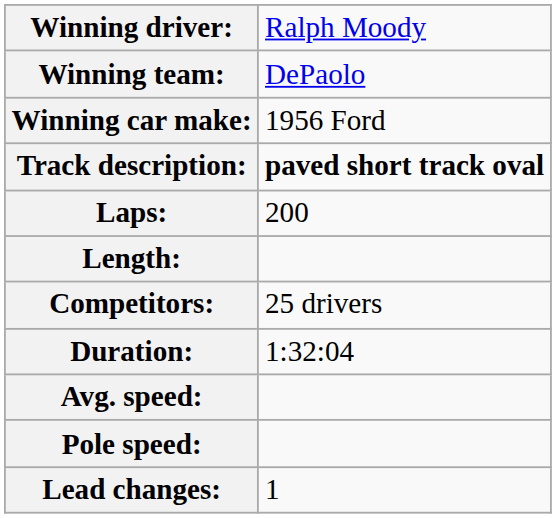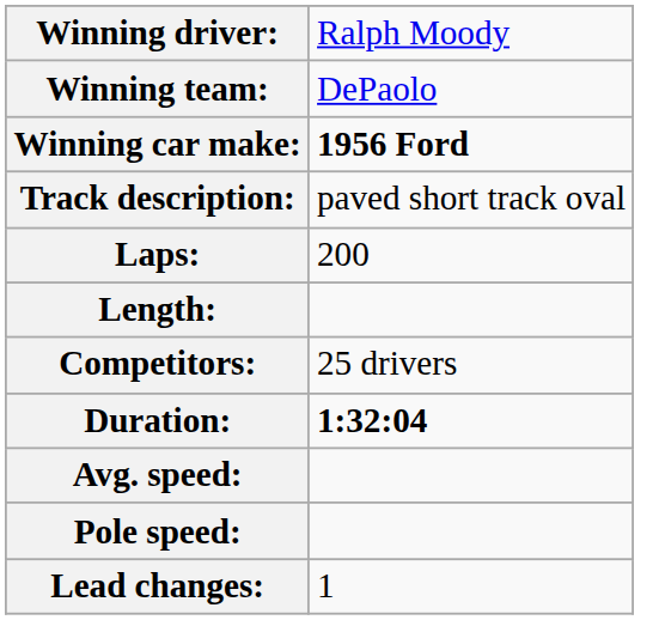 <table class="wikitable" style=text-align:left>
 <tr>
 <th>Winning driver:</th>
 <td><a href='#'>Ralph Moody</a></td>
 </tr>
 <tr>
 <th>Winning team:</th>
 <td><a href='#'>DePaolo</a></td>
 </tr>
 <tr>
 <th>Winning car make:</th>
-<td>1956 Ford</td>
+<td><strong>1956 Ford</strong></td>
 </tr>
 <tr>
 <th>Track description:</th>
-<td><strong> paved short track oval</strong></td>
+<td> paved short track oval</td>
 </tr>
 <tr>
 <th>Laps:</th>
 <td>200</td>
 </tr>
 <tr>
 <th>Length:</th>
 <td></td>
 </tr>
 <tr>
 <th>Competitors:</th>
 <td>25 drivers</td>
 </tr>
 <tr>
 <th>Duration:</th>
-<td>1:32:04</td>
+<td><strong>1:32:04</strong></td>
 </tr>
 <tr>
 <th>Avg. speed:</th>
 <td></td>
 </tr>
 <tr>
 <th>Pole speed:</th>
 <td></td>
 </tr>
 <tr>
 <th>Lead changes:</th>
 <td>1</td>
 </tr>
 </table>
